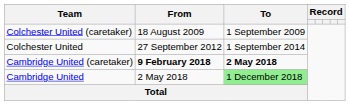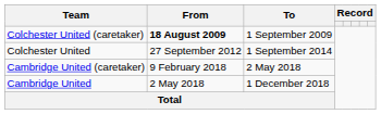 <table class=wikitable style="text-align: center">
 <tr>
 <th rowspan=2>Team</th>
 <th rowspan=2>From</th>
 <th rowspan=2>To</th>
 <th colspan=5>Record</th>
 </tr>
 <tr>
 <th></th>
 <th></th>
 <th></th>
 <th></th>
 <th></th>
 </tr>
 <tr>
 <td align=left><a href='#'>Colchester United</a> (caretaker)</td>
-<td align=left>18 August 2009</td>
+<td align=left><strong>18 August 2009</strong></td>
 <td align=left>1 September 2009<br></td>
 </tr>
 <tr>
 <td align=left>Colchester United</td>
 <td align=left>27 September 2012</td>
 <td align=left>1 September 2014<br></td>
 </tr>
 <tr>
 <td align=left><a href='#'>Cambridge United</a> (caretaker)</td>
-<td align=left><strong>9 February 2018</strong></td>
-<td align=left><strong>2 May 2018<br></strong></td>
+<td align=left>9 February 2018</td>
+<td align=left>2 May 2018<br></td>
 </tr>
 <tr>
 <td align=left><a href='#'>Cambridge United</a></td>
 <td align=left>2 May 2018</td>
-<td align=left style="background: lightgreen;">1 December 2018<br></td>
+<td align=left>1 December 2018<br></td>
 </tr>
 <tr>
 <th colspan=3>Total<br></th>
 </tr>
 </table>
